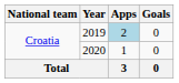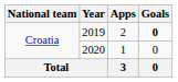 <table class="wikitable" style="text-align:center;">
 <tr>
 <th>National team</th>
 <th>Year</th>
 <th>Apps</th>
 <th>Goals</th>
 </tr>
 <tr>
 <td rowspan="2"><a href='#'>Croatia</a></td>
 <td>2019</td>
-<td style="background: lightblue;">2</td>
-<td>0</td>
+<td>2</td>
+<td><strong>0</strong></td>
 </tr>
 <tr>
 <td>2020</td>
 <td>1</td>
 <td>0</td>
 </tr>
 <tr>
 <th colspan="2">Total</th>
 <th>3</th>
 <th>0</th>
 </tr>
 </table>
